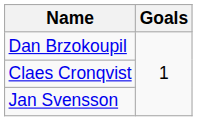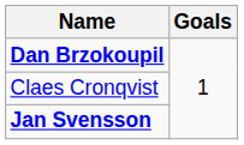 <table class="wikitable">
 <tr>
 <th>Name</th>
 <th>Goals</th>
 </tr>
 <tr>
-<td> <a href='#'>Dan Brzokoupil</a></td>
+<td><strong> <a href='#'>Dan Brzokoupil</a></strong></td>
 <td rowspan="3" style="text-align:center;">1</td>
 </tr>
 <tr>
 <td> <a href='#'>Claes Cronqvist</a></td>
 </tr>
 <tr>
-<td> <a href='#'>Jan Svensson</a></td>
+<td><strong> <a href='#'>Jan Svensson</a></strong></td>
 </tr>
 </table>
